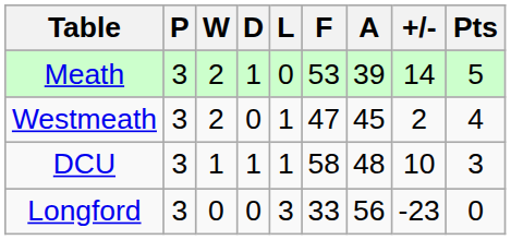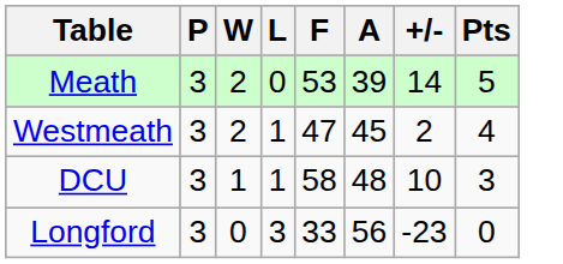 <table class="wikitable">
 <tr>
 <th>Table</th>
 <th>P</th>
 <th>W</th>
-<th>D</th>
 <th>L</th>
 <th>F</th>
 <th>A</th>
 <th>+/-</th>
 <th>Pts</th>
 </tr>
 <tr style="text-align:Center; background:#cfc;">
 <td><a href='#'>Meath</a></td>
 <td>3</td>
 <td>2</td>
-<td>1</td>
 <td>0</td>
 <td>53</td>
 <td>39</td>
 <td>14</td>
 <td>5</td>
 </tr>
 <tr style="text-align:Center;">
 <td><a href='#'>Westmeath</a></td>
 <td>3</td>
 <td>2</td>
-<td>0</td>
 <td>1</td>
 <td>47</td>
 <td>45</td>
 <td>2</td>
 <td>4</td>
 </tr>
 <tr style="text-align:Center;">
 <td><a href='#'>DCU</a></td>
 <td>3</td>
 <td>1</td>
 <td>1</td>
-<td>1</td>
 <td>58</td>
 <td>48</td>
 <td>10</td>
 <td>3</td>
 </tr>
 <tr style="text-align:Center;">
 <td><a href='#'>Longford</a></td>
 <td>3</td>
 <td>0</td>
-<td>0</td>
 <td>3</td>
 <td>33</td>
 <td>56</td>
 <td>-23</td>
 <td>0</td>
 </tr>
 </table>
